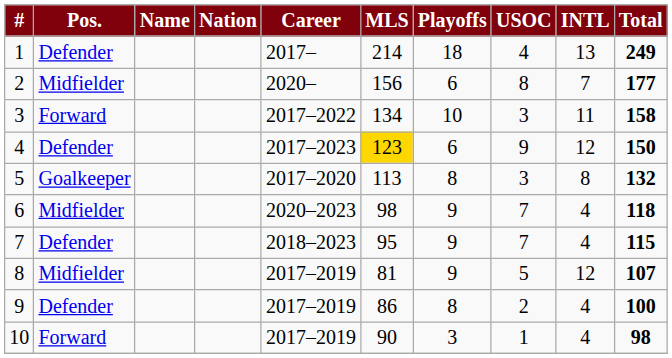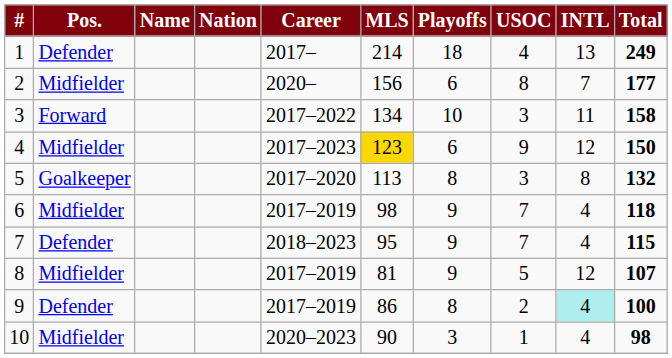 <table class="wikitable sortable" style="text-align:center;">
 <tr>
 <th style="background:#80000B; color:#FFFFFF;" scope="col">#</th>
 <th style="background:#80000B; color:#FFFFFF;" scope="col">Pos.</th>
 <th style="background:#80000B; color:#FFFFFF;" scope="col">Name</th>
 <th style="background:#80000B; color:#FFFFFF;" scope="col">Nation</th>
 <th style="background:#80000B; color:#FFFFFF;" scope="col">Career</th>
 <th style="background:#80000B; color:#FFFFFF;" scope="col">MLS</th>
 <th style="background:#80000B; color:#FFFFFF;" scope="col">Playoffs</th>
 <th style="background:#80000B; color:#FFFFFF;" scope="col">USOC</th>
 <th style="background:#80000B; color:#FFFFFF;" scope="col">INTL</th>
 <th style="background:#80000B; color:#FFFFFF;" scope="col">Total</th>
 </tr>
 <tr>
 <td>1</td>
 <td style="text-align:left;"><a href='#'>Defender</a></td>
 <td style="text-align:left;"><strong></strong></td>
 <td style="text-align:left;"></td>
 <td style="text-align:left;">2017–</td>
 <td>214</td>
 <td>18</td>
 <td>4</td>
 <td>13</td>
 <td><strong>249</strong></td>
 </tr>
 <tr>
 <td>2</td>
 <td style="text-align:left;"><a href='#'>Midfielder</a></td>
 <td style="text-align:left;"><strong></strong></td>
 <td style="text-align:left;"></td>
 <td style="text-align:left;">2020–</td>
 <td>156</td>
 <td>6</td>
 <td>8</td>
 <td>7</td>
 <td><strong>177</strong></td>
 </tr>
 <tr>
 <td>3</td>
 <td style="text-align:left;"><a href='#'>Forward</a></td>
 <td style="text-align:left;"></td>
 <td style="text-align:left;"></td>
 <td style="text-align:left;">2017–2022</td>
 <td>134</td>
 <td>10</td>
 <td>3</td>
 <td>11</td>
 <td><strong>158</strong></td>
 </tr>
 <tr>
 <td>4</td>
-<td style="text-align:left;"><a href='#'>Defender</a></td>
+<td style="text-align:left;"><a href='#'>Midfielder</a></td>
 <td style="text-align:left;"></td>
 <td style="text-align:left;"></td>
 <td style="text-align:left;">2017–2023</td>
 <td style="background: gold;">123</td>
 <td>6</td>
 <td>9</td>
 <td>12</td>
 <td><strong>150</strong></td>
 </tr>
 <tr>
 <td>5</td>
 <td style="text-align:left;"><a href='#'>Goalkeeper</a></td>
 <td style="text-align:left;"></td>
 <td style="text-align:left;"></td>
 <td style="text-align:left;">2017–2020</td>
 <td>113</td>
 <td>8</td>
 <td>3</td>
 <td>8</td>
 <td><strong>132</strong></td>
 </tr>
 <tr>
 <td>6</td>
 <td style="text-align:left;"><a href='#'>Midfielder</a></td>
 <td style="text-align:left;"></td>
 <td style="text-align:left;"></td>
-<td style="text-align:left;">2020–2023</td>
+<td style="text-align:left;">2017–2019</td>
 <td>98</td>
 <td>9</td>
 <td>7</td>
 <td>4</td>
 <td><strong>118</strong></td>
 </tr>
 <tr>
 <td>7</td>
 <td style="text-align:left;"><a href='#'>Defender</a></td>
 <td style="text-align:left;"></td>
 <td style="text-align:left;"></td>
 <td style="text-align:left;">2018–2023</td>
 <td>95</td>
 <td>9</td>
 <td>7</td>
 <td>4</td>
 <td><strong>115</strong></td>
 </tr>
 <tr>
 <td>8</td>
 <td style="text-align:left;"><a href='#'>Midfielder</a></td>
 <td style="text-align:left;"></td>
 <td style="text-align:left;"></td>
 <td style="text-align:left;">2017–2019</td>
 <td>81</td>
 <td>9</td>
 <td>5</td>
 <td>12</td>
 <td><strong>107</strong></td>
 </tr>
 <tr>
 <td>9</td>
 <td style="text-align:left;"><a href='#'>Defender</a></td>
 <td style="text-align:left;"></td>
 <td style="text-align:left;"></td>
 <td style="text-align:left;">2017–2019</td>
 <td>86</td>
 <td>8</td>
 <td>2</td>
-<td>4</td>
+<td style="background: paleturquoise;">4</td>
 <td><strong>100</strong></td>
 </tr>
 <tr>
 <td>10</td>
-<td style="text-align:left;"><a href='#'>Forward</a></td>
+<td style="text-align:left;"><a href='#'>Midfielder</a></td>
 <td style="text-align:left;"></td>
 <td style="text-align:left;"></td>
-<td style="text-align:left;">2017–2019</td>
+<td style="text-align:left;">2020–2023</td>
 <td>90</td>
 <td>3</td>
 <td>1</td>
 <td>4</td>
 <td><strong>98</strong></td>
 </tr>
 <tr>
 </tr>
 </table>
